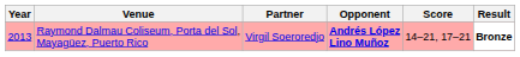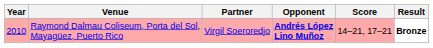 <table class="sortable wikitable" style="font-size: 90%;">
 <tr>
 <th>Year</th>
 <th>Venue</th>
 <th>Partner</th>
 <th>Opponent</th>
 <th>Score</th>
 <th>Result</th>
 </tr>
 <tr style="background:#FFAAAA">
-<td align="center"><a href='#'>2013</a></td>
+<td align="center"><a href='#'>2010</a></td>
 <td align="left"><a href='#'>Raymond Dalmau Coliseum, Porta del Sol</a>,<br><a href='#'>Mayagüez, Puerto Rico</a></td>
 <td align="left"> <a href='#'>Virgil Soeroredjo</a></td>
 <td align="left"><strong> <a href='#'>Andrés López</a> <br>  <a href='#'>Lino Muñoz</a></strong></td>
 <td align="left">14–21, 17–21</td>
 <td style="text-align:left; background:white"> <strong>Bronze</strong></td>
 </tr>
 </table>
